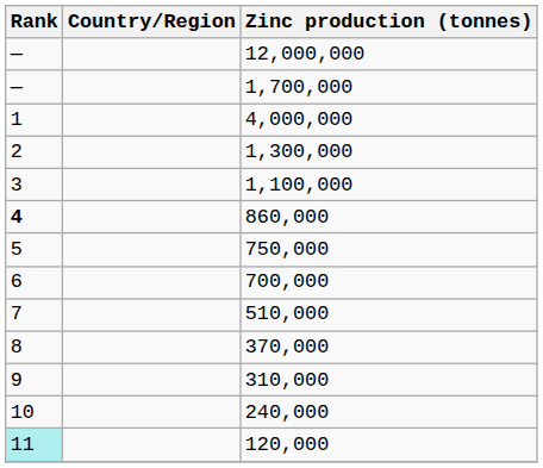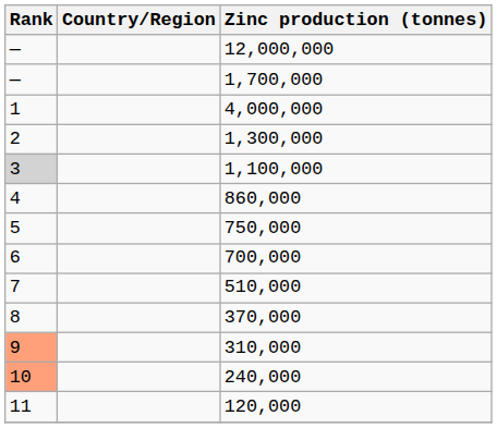 <table class="wikitable sortable">
 <tr bgcolor="#ececec">
 <th>Rank</th>
 <th>Country/Region</th>
 <th>Zinc production (tonnes)</th>
 </tr>
 <tr>
 <td>—</td>
 <td></td>
 <td align="left">12,000,000</td>
 </tr>
 <tr>
 <td>—</td>
 <td></td>
 <td align="left">1,700,000</td>
 </tr>
 <tr>
 <td>1</td>
 <td></td>
 <td align="left">4,000,000</td>
 </tr>
 <tr>
 <td>2</td>
 <td></td>
 <td align="left">1,300,000</td>
 </tr>
 <tr>
-<td>3</td>
+<td style="background: lightgrey;">3</td>
 <td></td>
 <td align="left">1,100,000</td>
 </tr>
 <tr>
-<td><strong>4</strong></td>
+<td>4</td>
 <td></td>
 <td align="left">860,000</td>
 </tr>
 <tr>
 <td>5</td>
 <td></td>
 <td align="left">750,000</td>
 </tr>
 <tr>
 <td>6</td>
 <td></td>
 <td align="left">700,000</td>
 </tr>
 <tr>
 <td>7</td>
 <td></td>
 <td align="left">510,000</td>
 </tr>
 <tr>
 <td>8</td>
 <td></td>
 <td align="left">370,000</td>
 </tr>
 <tr>
-<td>9</td>
+<td style="background: lightsalmon;">9</td>
 <td></td>
 <td align="left">310,000</td>
 </tr>
 <tr>
-<td>10</td>
+<td style="background: lightsalmon;">10</td>
 <td></td>
 <td align="left">240,000</td>
 </tr>
 <tr>
-<td style="background: paleturquoise;">11</td>
+<td>11</td>
 <td></td>
 <td align="left">120,000</td>
 </tr>
 <tr>
 </tr>
 </table>
